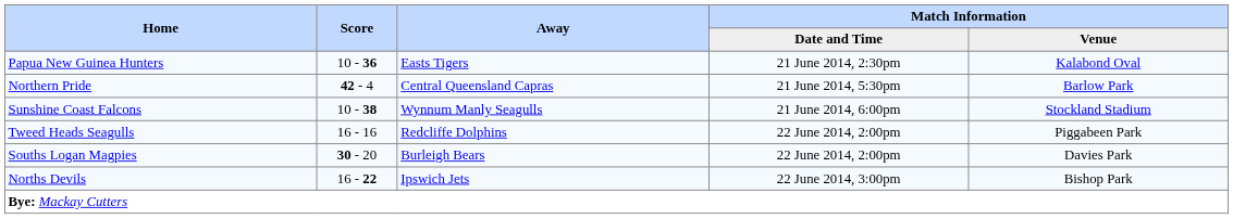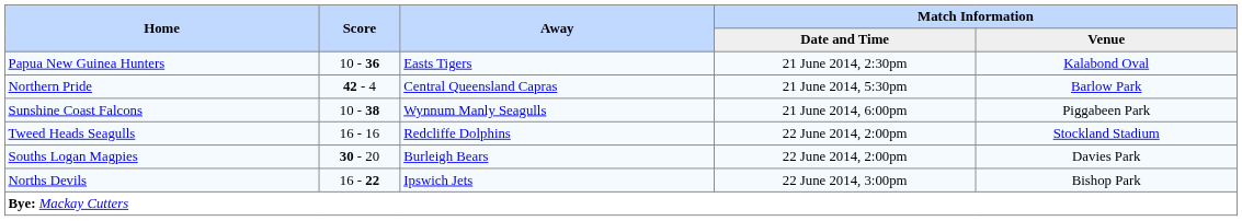 <table border=1 style="border-collapse:collapse; font-size:90%; text-align:center;" cellpadding=3 cellspacing=0>
 <tr bgcolor=#C1D8FF>
 <th rowspan=2 width=12%>Home</th>
 <th rowspan=2 width=3%>Score</th>
 <th rowspan=2 width=12%>Away</th>
 <th colspan=5>Match Information</th>
 </tr>
 <tr bgcolor=#EFEFEF>
 <th width=10%>Date and Time</th>
 <th width=10%>Venue</th>
 </tr>
 <tr bgcolor=#F5FAFF>
 <td align=left> <a href='#'>Papua New Guinea Hunters</a></td>
 <td>10 - <strong>36</strong></td>
 <td align=left> <a href='#'>Easts Tigers</a></td>
 <td>21 June 2014, 2:30pm</td>
 <td><a href='#'>Kalabond Oval</a></td>
 </tr>
 <tr bgcolor=#F5FAFF>
 <td align=left> <a href='#'>Northern Pride</a></td>
 <td><strong>42</strong> - 4</td>
 <td align=left> <a href='#'>Central Queensland Capras</a></td>
 <td>21 June 2014, 5:30pm</td>
 <td><a href='#'>Barlow Park</a></td>
 </tr>
 <tr bgcolor=#F5FAFF>
 <td align=left> <a href='#'>Sunshine Coast Falcons</a></td>
 <td>10 - <strong>38</strong></td>
 <td align=left> <a href='#'>Wynnum Manly Seagulls</a></td>
 <td>21 June 2014, 6:00pm</td>
-<td><a href='#'>Stockland Stadium</a></td>
+<td>Piggabeen Park</td>
 </tr>
 <tr bgcolor=#F5FAFF>
 <td align=left> <a href='#'>Tweed Heads Seagulls</a></td>
 <td>16 - 16</td>
 <td align=left> <a href='#'>Redcliffe Dolphins</a></td>
 <td>22 June 2014, 2:00pm</td>
-<td>Piggabeen Park</td>
+<td><a href='#'>Stockland Stadium</a></td>
 </tr>
 <tr bgcolor=#F5FAFF>
 <td align=left> <a href='#'>Souths Logan Magpies</a></td>
 <td><strong>30</strong> - 20</td>
 <td align=left> <a href='#'>Burleigh Bears</a></td>
 <td>22 June 2014, 2:00pm</td>
 <td>Davies Park</td>
 </tr>
 <tr bgcolor=#F5FAFF>
 <td align=left> <a href='#'>Norths Devils</a></td>
 <td>16 - <strong>22</strong></td>
 <td align=left> <a href='#'>Ipswich Jets</a></td>
 <td>22 June 2014, 3:00pm</td>
 <td>Bishop Park</td>
 </tr>
 <tr>
 <td colspan="5" style="text-align:left;"><strong>Bye:</strong> <em><a href='#'>Mackay Cutters</a></em></td>
 </tr>
 </table>
